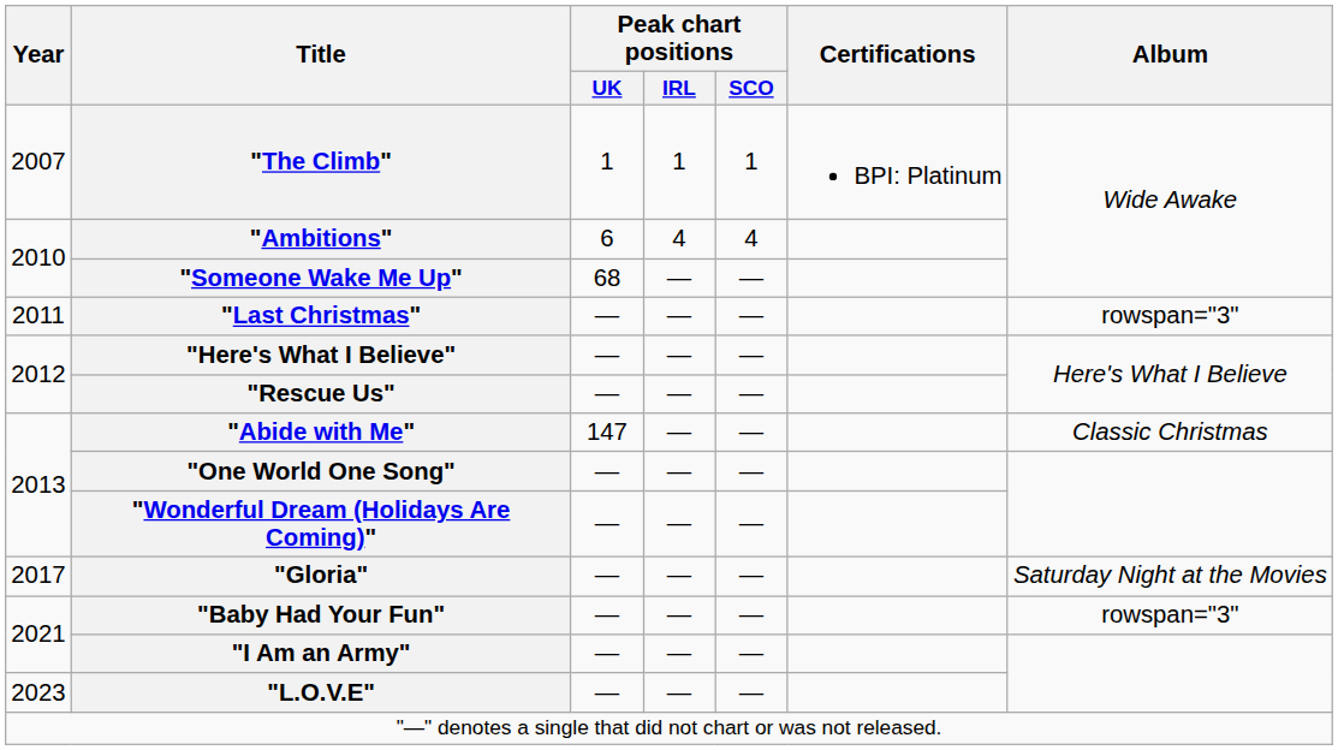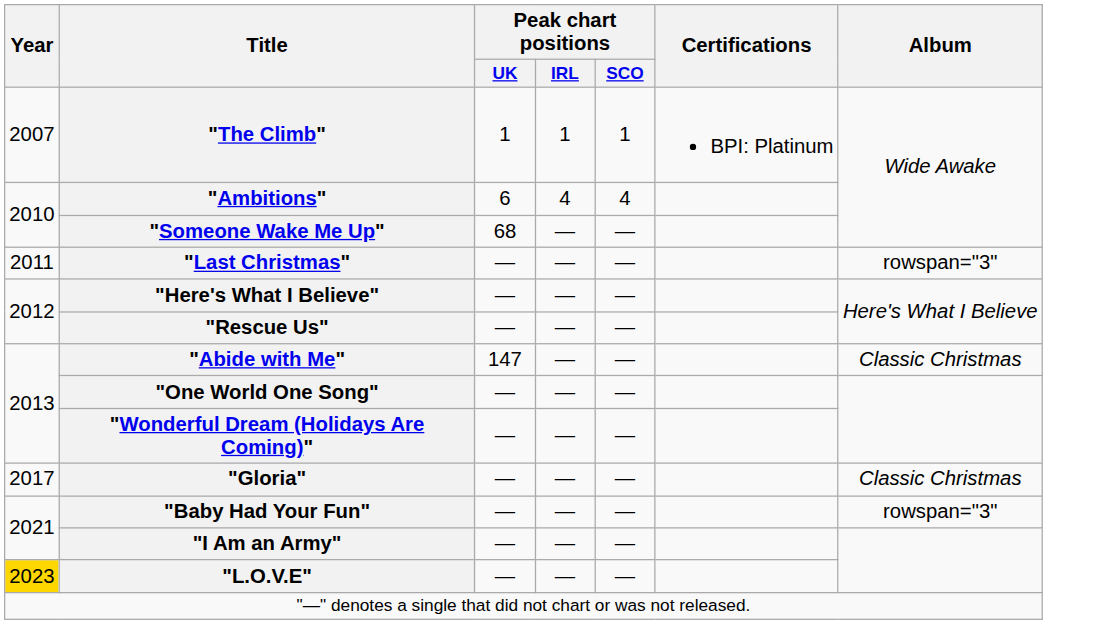 <table class="wikitable plainrowheaders" style="text-align:center;" border="1">
 <tr>
 <th scope="col" rowspan="2" style="width:1em;">Year</th>
 <th scope="col" rowspan="2" style="width:20em;">Title</th>
 <th scope="col" colspan="3">Peak chart positions</th>
 <th scope="col" rowspan="2">Certifications</th>
 <th scope="col" rowspan="2">Album</th>
 </tr>
 <tr>
 <th style="width:3em;font-size:85%;"><a href='#'>UK</a><br></th>
 <th style="width:3em;font-size:85%;"><a href='#'>IRL</a><br></th>
 <th style="width:3em;font-size:85%;"><a href='#'>SCO</a><br></th>
 </tr>
 <tr>
 <td>2007</td>
 <th scope="row">"<a href='#'>The Climb</a>"</th>
 <td>1</td>
 <td>1</td>
 <td>1</td>
 <td><br><ul><li>BPI: Platinum</li></ul></td>
 <td rowspan="3"><em>Wide Awake</em></td>
 </tr>
 <tr>
 <td rowspan="2">2010</td>
 <th scope="row">"<a href='#'>Ambitions</a>"</th>
 <td>6</td>
 <td>4</td>
 <td>4</td>
 <td></td>
 </tr>
 <tr>
 <th scope="row">"<a href='#'>Someone Wake Me Up</a>"</th>
 <td>68</td>
 <td>—</td>
 <td>—</td>
 <td></td>
 </tr>
 <tr>
 <td>2011</td>
 <th scope="row">"<a href='#'>Last Christmas</a>"</th>
 <td>—</td>
 <td>—</td>
 <td>—</td>
 <td></td>
 <td>rowspan="3" </td>
 </tr>
 <tr>
 <td rowspan="2">2012</td>
 <th scope="row">"Here's What I Believe"</th>
 <td>—</td>
 <td>—</td>
 <td>—</td>
 <td></td>
 <td rowspan="2"><em>Here's What I Believe</em></td>
 </tr>
 <tr>
 <th scope="row">"Rescue Us"</th>
 <td>—</td>
 <td>—</td>
 <td>—</td>
 </tr>
 <tr>
 <td rowspan="3">2013</td>
 <th scope="row">"<a href='#'>Abide with Me</a>"<br></th>
 <td>147</td>
 <td>—</td>
 <td>—</td>
 <td></td>
 <td><em>Classic Christmas</em></td>
 </tr>
 <tr>
 <th scope="row">"One World One Song"<br></th>
 <td>—</td>
 <td>—</td>
 <td>—</td>
 <td></td>
 </tr>
 <tr>
 <th scope="row">"<a href='#'>Wonderful Dream (Holidays Are Coming)</a>"</th>
 <td>—</td>
 <td>—</td>
 <td>—</td>
 <td></td>
 </tr>
 <tr>
 <td>2017</td>
 <th scope="row">"Gloria"</th>
 <td>—</td>
 <td>—</td>
 <td>—</td>
 <td></td>
-<td><em>Saturday Night at the Movies</em></td>
+<td><em>Classic Christmas</em></td>
 </tr>
 <tr>
 <td rowspan="2">2021</td>
 <th scope="row">"Baby Had Your Fun"</th>
 <td>—</td>
 <td>—</td>
 <td>—</td>
 <td></td>
 <td>rowspan="3" </td>
 </tr>
 <tr>
 <th scope="row">"I Am an Army"</th>
 <td>—</td>
 <td>—</td>
 <td>—</td>
 <td></td>
 </tr>
 <tr>
-<td>2023</td>
+<td style="background: gold;">2023</td>
 <th scope="row">"L.O.V.E"</th>
 <td>—</td>
 <td>—</td>
 <td>—</td>
 <td></td>
 </tr>
 <tr>
 <td colspan="7" style="font-size:85%">"—" denotes a single that did not chart or was not released.</td>
 </tr>
 </table>
